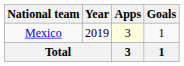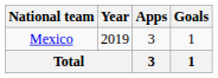 <table class="wikitable" style="text-align: center;">
 <tr>
 <th>National team</th>
 <th>Year</th>
 <th>Apps</th>
 <th>Goals</th>
 </tr>
 <tr>
 <td rowspan="1" valign="center"><a href='#'>Mexico</a></td>
 <td>2019</td>
-<td style="background: lightyellow;">3</td>
+<td>3</td>
 <td>1</td>
 </tr>
 <tr>
 <th colspan="2">Total</th>
 <th>3</th>
 <th>1</th>
 </tr>
 </table>
